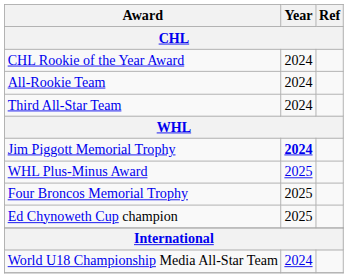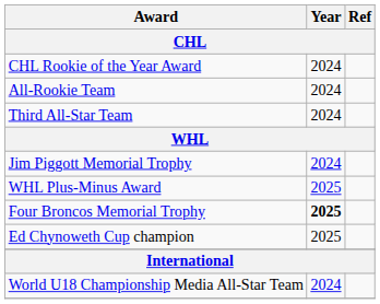 <table class="wikitable">
 <tr>
 <th>Award</th>
 <th>Year</th>
 <th>Ref</th>
 </tr>
 <tr ALIGN="center" bgcolor="#e0e0e0">
 <th colspan="4"><a href='#'>CHL</a></th>
 </tr>
 <tr>
 <td><a href='#'>CHL Rookie of the Year Award</a></td>
 <td>2024</td>
 <td></td>
 </tr>
 <tr>
 <td><a href='#'>All-Rookie Team</a></td>
 <td>2024</td>
 <td></td>
 </tr>
 <tr>
 <td><a href='#'>Third All-Star Team</a></td>
 <td>2024</td>
 <td></td>
 </tr>
 <tr ALIGN="center" bgcolor="#e0e0e0">
 <th colspan="4"><a href='#'>WHL</a></th>
 </tr>
 <tr>
 <td><a href='#'>Jim Piggott Memorial Trophy</a></td>
-<td><strong><a href='#'>2024</a></strong></td>
+<td><a href='#'>2024</a></td>
 <td></td>
 </tr>
 <tr>
 <td><a href='#'>WHL Plus-Minus Award</a></td>
 <td><a href='#'>2025</a></td>
 <td></td>
 </tr>
 <tr>
 <td><a href='#'>Four Broncos Memorial Trophy</a></td>
-<td>2025</td>
+<td><strong>2025</strong></td>
 <td></td>
 </tr>
 <tr>
 <td><a href='#'>Ed Chynoweth Cup</a> champion</td>
 <td>2025</td>
 <td></td>
 </tr>
 <tr>
 </tr>
 <tr ALIGN="center" bgcolor="#e0e0e0">
 <th colspan="4"><a href='#'>International</a></th>
 </tr>
 <tr>
 <td><a href='#'>World U18 Championship</a> Media All-Star Team</td>
 <td><a href='#'>2024</a></td>
 <td></td>
 </tr>
 <tr>
 </tr>
 </table>
